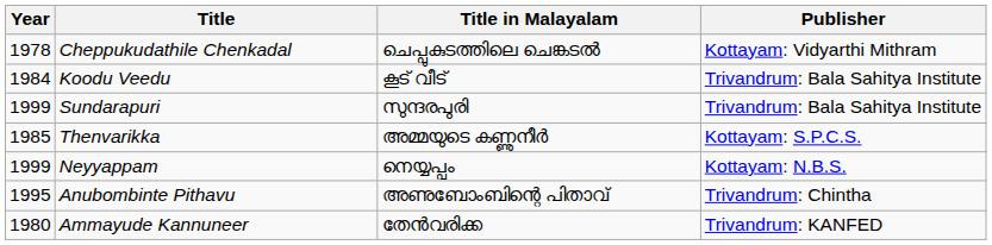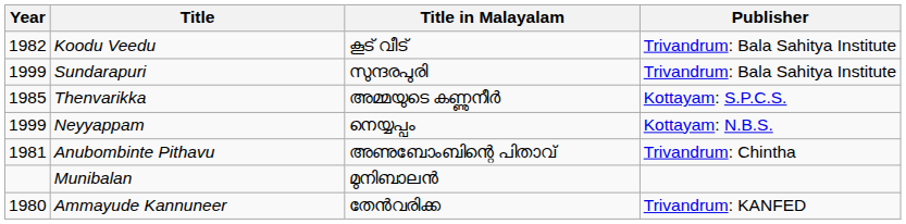 <table class="wikitable">
 <tr>
 <th>Year</th>
 <th ! style=width:17em>Title</th>
 <th ! style=width:17em>Title in Malayalam</th>
 <th ! style=width:15em>Publisher</th>
 </tr>
 <tr>
-<td>1978</td>
-<td><em>Cheppukudathile Chenkadal</em></td>
-<td>ചെപ്പുകുടത്തിലെ ചെങ്കടല്‍</td>
-<td><a href='#'>Kottayam</a>: Vidyarthi Mithram</td>
-</tr>
-<tr>
-<td>1984</td>
+<td>1982</td>
 <td><em>Koodu Veedu</em></td>
 <td>കൂട് വീട്</td>
 <td><a href='#'>Trivandrum</a>: Bala Sahitya Institute</td>
 </tr>
 <tr>
 <td>1999</td>
 <td><em>Sundarapuri</em></td>
 <td>സുന്ദരപുരി</td>
 <td><a href='#'>Trivandrum</a>: Bala Sahitya Institute</td>
 </tr>
 <tr>
 <td>1985</td>
 <td><em>Thenvarikka</em></td>
 <td>അമ്മയുടെ കണ്ണുനീര്‍</td>
 <td><a href='#'>Kottayam</a>: <a href='#'>S.P.C.S.</a></td>
 </tr>
 <tr>
 <td>1999</td>
 <td><em>Neyyappam</em></td>
 <td>നെയ്യപ്പം</td>
 <td><a href='#'>Kottayam</a>: <a href='#'>N.B.S.</a></td>
 </tr>
 <tr>
-<td>1995</td>
+<td>1981</td>
 <td><em>Anubombinte Pithavu</em></td>
 <td>അണുബോംബിന്റെ പിതാവ്</td>
 <td><a href='#'>Trivandrum</a>: Chintha</td>
+</tr>
+<tr>
+<td></td>
+<td><em>Munibalan</em></td>
+<td>മുനിബാലന്‍</td>
+<td></td>
 </tr>
 <tr>
 <td>1980</td>
 <td><em>Ammayude Kannuneer</em></td>
 <td>തേന്‍വരിക്ക</td>
 <td><a href='#'>Trivandrum</a>: KANFED</td>
 </tr>
 </table>
